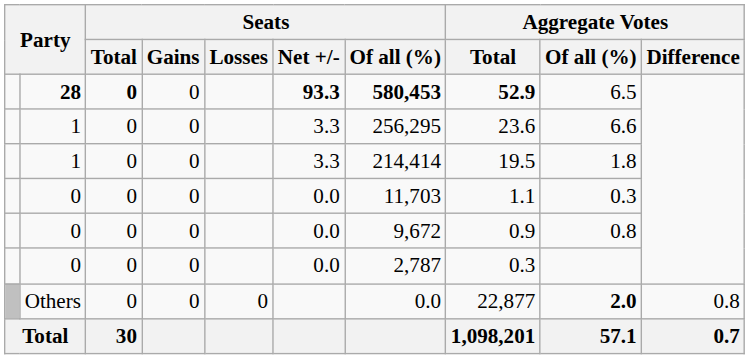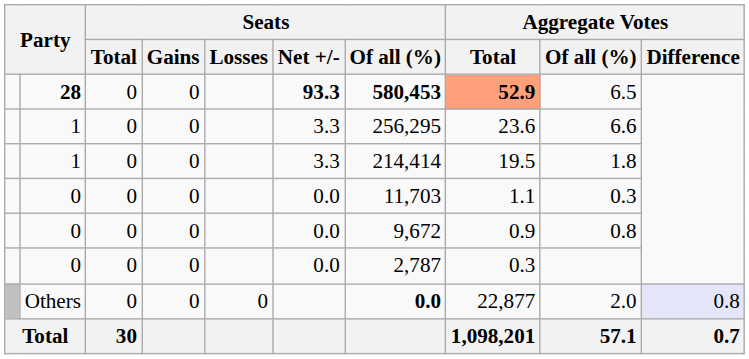 <table class="wikitable sortable" style="text-align:right; font-size:95%;">
 <tr>
 <th colspan="2" rowspan="2">Party</th>
 <th colspan="5">Seats</th>
 <th colspan="3">Aggregate Votes</th>
 </tr>
 <tr>
 <th>Total</th>
 <th>Gains</th>
 <th>Losses</th>
 <th>Net +/-</th>
 <th>Of all (%)</th>
 <th>Total</th>
 <th>Of all (%)</th>
 <th>Difference</th>
 </tr>
 <tr>
 <td></td>
 <td><strong>28</strong></td>
-<td><strong>0</strong></td>
+<td>0</td>
 <td>0</td>
 <td></td>
 <td><strong>93.3</strong></td>
 <td><strong>580,453</strong></td>
-<td><strong>52.9</strong></td>
+<td style="background: lightsalmon;"><strong>52.9</strong></td>
 <td>6.5</td>
 </tr>
 <tr>
 <td></td>
 <td>1</td>
 <td>0</td>
 <td>0</td>
 <td></td>
 <td>3.3</td>
 <td>256,295</td>
 <td>23.6</td>
 <td>6.6</td>
 </tr>
 <tr>
 <td></td>
 <td>1</td>
 <td>0</td>
 <td>0</td>
 <td></td>
 <td>3.3</td>
 <td>214,414</td>
 <td>19.5</td>
 <td>1.8</td>
 </tr>
 <tr>
 <td></td>
 <td>0</td>
 <td>0</td>
 <td>0</td>
 <td></td>
 <td>0.0</td>
 <td>11,703</td>
 <td>1.1</td>
 <td>0.3</td>
 </tr>
 <tr>
 <td></td>
 <td>0</td>
 <td>0</td>
 <td>0</td>
 <td></td>
 <td>0.0</td>
 <td>9,672</td>
 <td>0.9</td>
 <td>0.8</td>
 </tr>
 <tr>
 <td></td>
 <td>0</td>
 <td>0</td>
 <td>0</td>
 <td></td>
 <td>0.0</td>
 <td>2,787</td>
 <td>0.3</td>
 <td></td>
 </tr>
 <tr>
 <td style="background:silver;"> </td>
 <td align=left>Others</td>
 <td>0</td>
 <td>0</td>
 <td>0</td>
 <td></td>
-<td>0.0</td>
+<td><strong>0.0</strong></td>
 <td>22,877</td>
-<td><strong>2.0</strong></td>
-<td>0.8</td>
+<td>2.0</td>
+<td style="background: lavender;">0.8</td>
 </tr>
 <tr class="sortbottom">
 <th colspan="2" style="background:#f2f2f2"><strong>Total</strong></th>
 <td style="background:#f2f2f2;"><strong>30</strong></td>
 <td style="background:#f2f2f2;"></td>
 <td style="background:#f2f2f2;"></td>
 <td style="background:#f2f2f2;"></td>
 <td style="background:#f2f2f2;"></td>
 <td style="background:#f2f2f2;"><strong>1,098,201</strong></td>
 <td style="background:#f2f2f2;"><strong>57.1</strong></td>
 <td style="background:#f2f2f2;"><strong>0.7</strong></td>
 </tr>
 </table>
